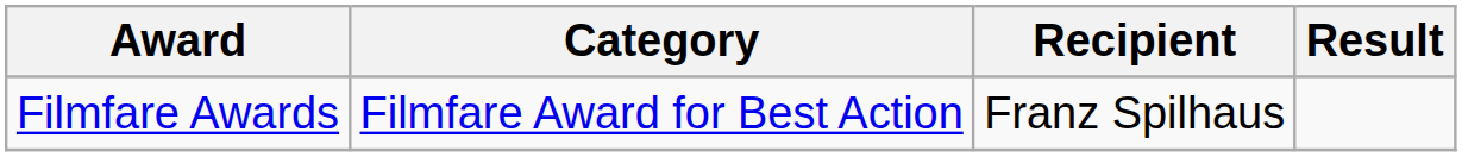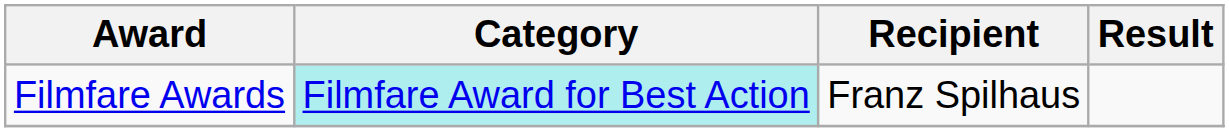 <table class="wikitable sortable">
 <tr>
 <th>Award</th>
 <th>Category</th>
 <th>Recipient</th>
 <th>Result</th>
 </tr>
 <tr>
 <td rowspan="1"><a href='#'>Filmfare Awards</a></td>
-<td><a href='#'>Filmfare Award for Best Action</a></td>
+<td style="background: paleturquoise;"><a href='#'>Filmfare Award for Best Action</a></td>
 <td>Franz Spilhaus</td>
 <td></td>
 </tr>
 <tr>
 </tr>
 </table>
